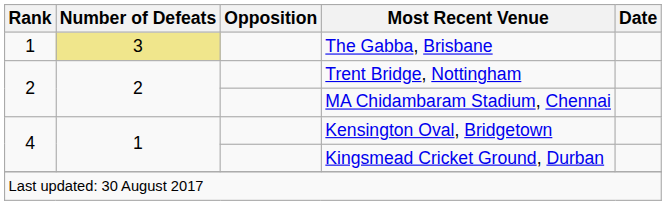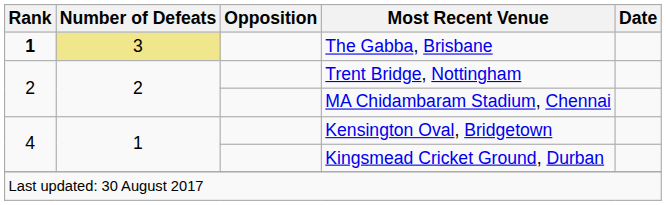 <table class="wikitable plainrowheaders sortable">
 <tr>
 <th scope="col">Rank</th>
 <th scope="col">Number of Defeats</th>
 <th scope="col">Opposition</th>
 <th scope="col">Most Recent Venue</th>
 <th scope="col">Date</th>
 </tr>
 <tr>
-<td align=center>1</td>
+<td align=center><strong>1</strong></td>
 <td align=center style="background: khaki;">3</td>
 <td></td>
 <td><a href='#'>The Gabba</a>, <a href='#'>Brisbane</a></td>
 <td></td>
 </tr>
 <tr>
 <td align=center rowspan=2>2</td>
 <td align=center rowspan=2>2</td>
 <td></td>
 <td><a href='#'>Trent Bridge</a>, <a href='#'>Nottingham</a></td>
 <td></td>
 </tr>
 <tr>
 <td></td>
 <td><a href='#'>MA Chidambaram Stadium</a>, <a href='#'>Chennai</a></td>
 <td></td>
 </tr>
 <tr>
 <td align=center rowspan=2>4</td>
 <td align=center rowspan=2>1</td>
 <td></td>
 <td><a href='#'>Kensington Oval</a>, <a href='#'>Bridgetown</a></td>
 <td></td>
 </tr>
 <tr>
 <td></td>
 <td><a href='#'>Kingsmead Cricket Ground</a>, <a href='#'>Durban</a></td>
 <td></td>
 </tr>
 <tr>
 </tr>
 <tr class=sortbottom>
 <td colspan=5><small>Last updated: 30 August 2017</small></td>
 </tr>
 </table>
